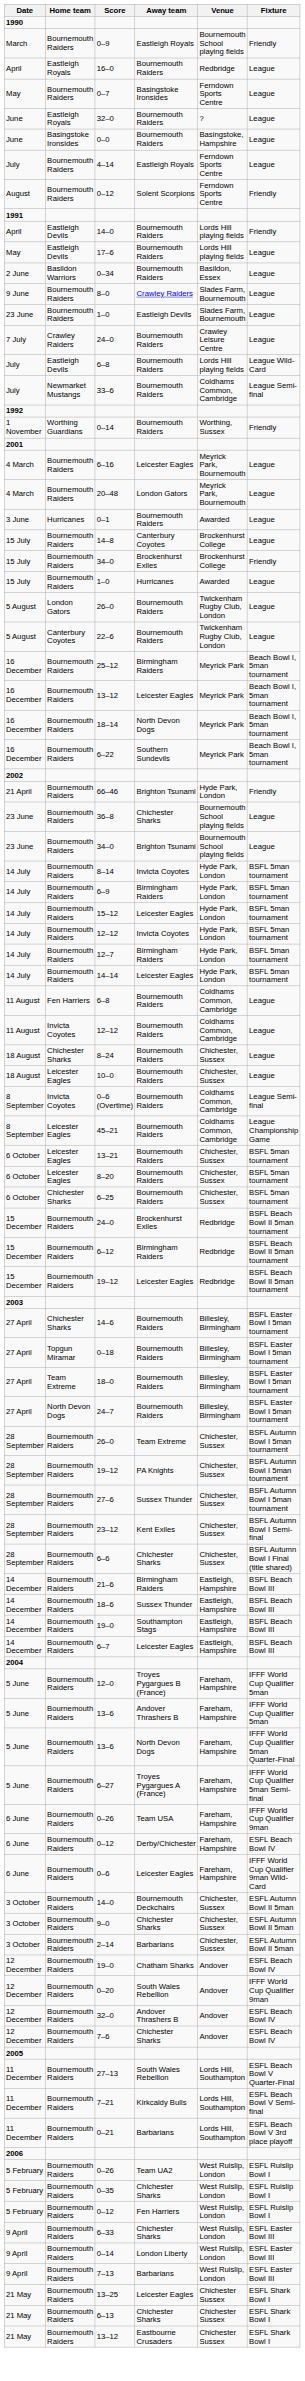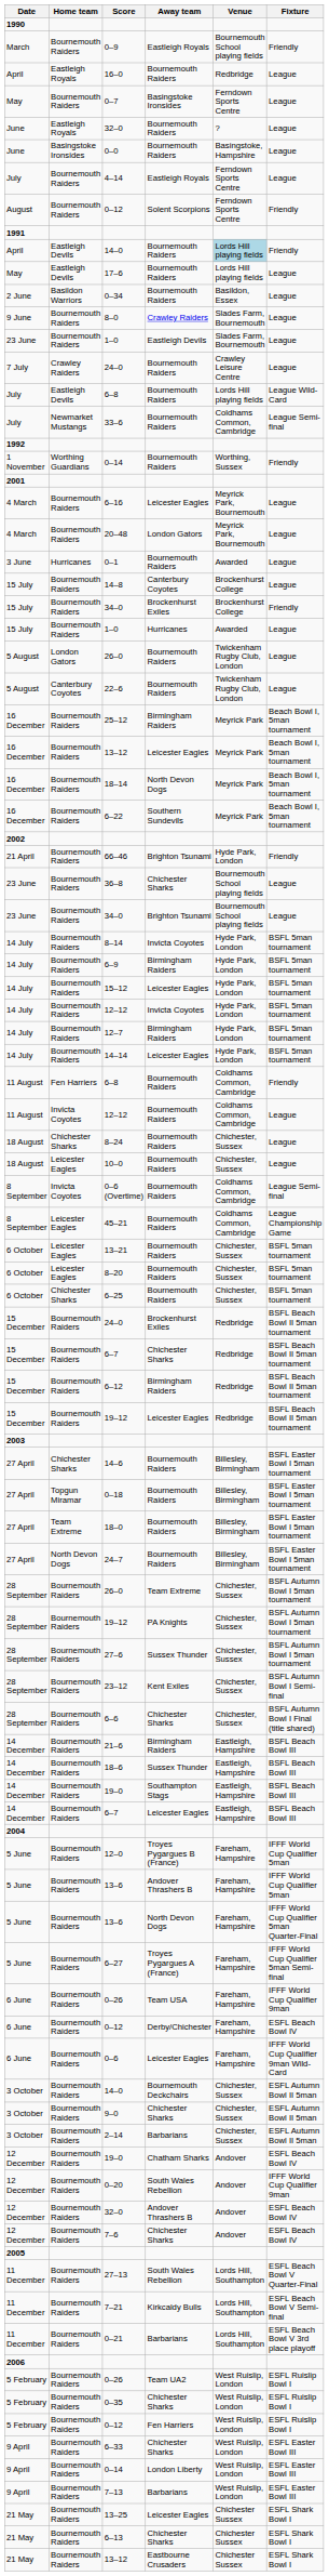 <table class="wikitable" border="1">
 <tr>
 <th>Date</th>
 <th>Home team</th>
 <th>Score</th>
 <th>Away team</th>
 <th>Venue</th>
 <th>Fixture</th>
 </tr>
 <tr>
 <td><strong>1990</strong></td>
 <td></td>
 <td></td>
 <td></td>
 <td></td>
 </tr>
 <tr>
 <td>March</td>
 <td>Bournemouth Raiders</td>
 <td>0–9</td>
 <td>Eastleigh Royals</td>
 <td>Bournemouth School playing fields</td>
 <td>Friendly</td>
 </tr>
 <tr>
 <td>April</td>
 <td>Eastleigh Royals</td>
 <td>16–0</td>
 <td>Bournemouth Raiders</td>
 <td>Redbridge</td>
 <td>League</td>
 </tr>
 <tr>
 <td>May</td>
 <td>Bournemouth Raiders</td>
 <td>0–7</td>
 <td>Basingstoke Ironsides</td>
 <td>Ferndown Sports Centre</td>
 <td>League</td>
 </tr>
 <tr>
 <td>June</td>
 <td>Eastleigh Royals</td>
 <td>32–0</td>
 <td>Bournemouth Raiders</td>
 <td>?</td>
 <td>League</td>
 </tr>
 <tr>
 <td>June</td>
 <td>Basingstoke Ironsides</td>
 <td>0–0</td>
 <td>Bournemouth Raiders</td>
 <td>Basingstoke, Hampshire</td>
 <td>League</td>
 </tr>
 <tr>
 <td>July</td>
 <td>Bournemouth Raiders</td>
 <td>4–14</td>
 <td>Eastleigh Royals</td>
 <td>Ferndown Sports Centre</td>
 <td>League</td>
 </tr>
 <tr>
 <td>August</td>
 <td>Bournemouth Raiders</td>
 <td>0–12</td>
 <td>Solent Scorpions</td>
 <td>Ferndown Sports Centre</td>
 <td>Friendly</td>
 </tr>
 <tr>
 <td><strong>1991</strong></td>
 <td></td>
 <td></td>
 <td></td>
 <td></td>
 </tr>
 <tr>
 <td>April</td>
 <td>Eastleigh Devils</td>
 <td>14–0</td>
 <td>Bournemouth Raiders</td>
-<td>Lords Hill playing fields</td>
+<td style="background: lightblue;">Lords Hill playing fields</td>
 <td>Friendly</td>
 </tr>
 <tr>
 <td>May</td>
 <td>Eastleigh Devils</td>
 <td>17–6</td>
 <td>Bournemouth Raiders</td>
 <td>Lords Hill playing fields</td>
 <td>League</td>
 </tr>
 <tr>
 <td>2 June</td>
 <td>Basildon Warriors</td>
 <td>0–34</td>
 <td>Bournemouth Raiders</td>
 <td>Basildon, Essex</td>
 <td>League</td>
 </tr>
 <tr>
 <td>9 June</td>
 <td>Bournemouth Raiders</td>
 <td>8–0</td>
 <td><a href='#'>Crawley Raiders</a></td>
 <td>Slades Farm, Bournemouth</td>
 <td>League</td>
 </tr>
 <tr>
 <td>23 June</td>
 <td>Bournemouth Raiders</td>
 <td>1–0</td>
 <td>Eastleigh Devils</td>
 <td>Slades Farm, Bournemouth</td>
 <td>League</td>
 </tr>
 <tr>
 <td>7 July</td>
 <td>Crawley Raiders</td>
 <td>24–0</td>
 <td>Bournemouth Raiders</td>
 <td>Crawley Leisure Centre</td>
 <td>League</td>
 </tr>
 <tr>
 <td>July</td>
 <td>Eastleigh Devils</td>
 <td>6–8</td>
 <td>Bournemouth Raiders</td>
 <td>Lords Hill playing fields</td>
 <td>League Wild-Card</td>
 </tr>
 <tr>
 <td>July</td>
 <td>Newmarket Mustangs</td>
 <td>33–6</td>
 <td>Bournemouth Raiders</td>
 <td>Coldhams Common, Cambridge</td>
 <td>League Semi-final</td>
 </tr>
 <tr>
 <td><strong>1992</strong></td>
 <td></td>
 <td></td>
 <td></td>
 <td></td>
 </tr>
 <tr>
 <td>1 November</td>
 <td>Worthing Guardians</td>
 <td>0–14</td>
 <td>Bournemouth Raiders</td>
 <td>Worthing, Sussex</td>
 <td>Friendly</td>
 </tr>
 <tr>
 <td><strong>2001</strong></td>
 <td></td>
 <td></td>
 <td></td>
 <td></td>
 </tr>
 <tr>
 <td>4 March</td>
 <td>Bournemouth Raiders</td>
 <td>6–16</td>
 <td>Leicester Eagles</td>
 <td>Meyrick Park, Bournemouth</td>
 <td>League</td>
 </tr>
 <tr>
 <td>4 March</td>
 <td>Bournemouth Raiders</td>
 <td>20–48</td>
 <td>London Gators</td>
 <td>Meyrick Park, Bournemouth</td>
 <td>League</td>
 </tr>
 <tr>
 <td>3 June</td>
 <td>Hurricanes</td>
 <td>0–1</td>
 <td>Bournemouth Raiders</td>
 <td>Awarded</td>
 <td>League</td>
 </tr>
 <tr>
 <td>15 July</td>
 <td>Bournemouth Raiders</td>
 <td>14–8</td>
 <td>Canterbury Coyotes</td>
 <td>Brockenhurst College</td>
 <td>League</td>
 </tr>
 <tr>
 <td>15 July</td>
 <td>Bournemouth Raiders</td>
 <td>34–0</td>
 <td>Brockenhurst Exiles</td>
 <td>Brockenhurst College</td>
 <td>Friendly</td>
 </tr>
 <tr>
 <td>15 July</td>
 <td>Bournemouth Raiders</td>
 <td>1–0</td>
 <td>Hurricanes</td>
 <td>Awarded</td>
 <td>League</td>
 </tr>
 <tr>
 <td>5 August</td>
 <td>London Gators</td>
 <td>26–0</td>
 <td>Bournemouth Raiders</td>
 <td>Twickenham Rugby Club, London</td>
 <td>League</td>
 </tr>
 <tr>
 <td>5 August</td>
 <td>Canterbury Coyotes</td>
 <td>22–6</td>
 <td>Bournemouth Raiders</td>
 <td>Twickenham Rugby Club, London</td>
 <td>League</td>
 </tr>
 <tr>
 <td>16 December</td>
 <td>Bournemouth Raiders</td>
 <td>25–12</td>
 <td>Birmingham Raiders</td>
 <td>Meyrick Park</td>
 <td>Beach Bowl I, 5man tournament</td>
 </tr>
 <tr>
 <td>16 December</td>
 <td>Bournemouth Raiders</td>
 <td>13–12</td>
 <td>Leicester Eagles</td>
 <td>Meyrick Park</td>
 <td>Beach Bowl I, 5man tournament</td>
 </tr>
 <tr>
 <td>16 December</td>
 <td>Bournemouth Raiders</td>
 <td>18–14</td>
 <td>North Devon Dogs</td>
 <td>Meyrick Park</td>
 <td>Beach Bowl I, 5man tournament</td>
 </tr>
 <tr>
 <td>16 December</td>
 <td>Bournemouth Raiders</td>
 <td>6–22</td>
 <td>Southern Sundevils</td>
 <td>Meyrick Park</td>
 <td>Beach Bowl I, 5man tournament</td>
 </tr>
 <tr>
 <td><strong>2002</strong></td>
 <td></td>
 <td></td>
 <td></td>
 <td></td>
 </tr>
 <tr>
 <td>21 April</td>
 <td>Bournemouth Raiders</td>
 <td>66–46</td>
 <td>Brighton Tsunami</td>
 <td>Hyde Park, London</td>
 <td>Friendly</td>
 </tr>
 <tr>
 <td>23 June</td>
 <td>Bournemouth Raiders</td>
 <td>36–8</td>
 <td>Chichester Sharks</td>
 <td>Bournemouth School playing fields</td>
 <td>League</td>
 </tr>
 <tr>
 <td>23 June</td>
 <td>Bournemouth Raiders</td>
 <td>34–0</td>
 <td>Brighton Tsunami</td>
 <td>Bournemouth School playing fields</td>
 <td>League</td>
 </tr>
 <tr>
 <td>14 July</td>
 <td>Bournemouth Raiders</td>
 <td>8–14</td>
 <td>Invicta Coyotes</td>
 <td>Hyde Park, London</td>
 <td>BSFL 5man tournament</td>
 </tr>
 <tr>
 <td>14 July</td>
 <td>Bournemouth Raiders</td>
 <td>6–9</td>
 <td>Birmingham Raiders</td>
 <td>Hyde Park, London</td>
 <td>BSFL 5man tournament</td>
 </tr>
 <tr>
 <td>14 July</td>
 <td>Bournemouth Raiders</td>
 <td>15–12</td>
 <td>Leicester Eagles</td>
 <td>Hyde Park, London</td>
 <td>BSFL 5man tournament</td>
 </tr>
 <tr>
 <td>14 July</td>
 <td>Bournemouth Raiders</td>
 <td>12–12</td>
 <td>Invicta Coyotes</td>
 <td>Hyde Park, London</td>
 <td>BSFL 5man tournament</td>
 </tr>
 <tr>
 <td>14 July</td>
 <td>Bournemouth Raiders</td>
 <td>12–7</td>
 <td>Birmingham Raiders</td>
 <td>Hyde Park, London</td>
 <td>BSFL 5man tournament</td>
 </tr>
 <tr>
 <td>14 July</td>
 <td>Bournemouth Raiders</td>
 <td>14–14</td>
 <td>Leicester Eagles</td>
 <td>Hyde Park, London</td>
 <td>BSFL 5man tournament</td>
 </tr>
 <tr>
 <td>11 August</td>
 <td>Fen Harriers</td>
 <td>6–8</td>
 <td>Bournemouth Raiders</td>
 <td>Coldhams Common, Cambridge</td>
-<td>League</td>
+<td>Friendly</td>
 </tr>
 <tr>
 <td>11 August</td>
 <td>Invicta Coyotes</td>
 <td>12–12</td>
 <td>Bournemouth Raiders</td>
 <td>Coldhams Common, Cambridge</td>
 <td>League</td>
 </tr>
 <tr>
 <td>18 August</td>
 <td>Chichester Sharks</td>
 <td>8–24</td>
 <td>Bournemouth Raiders</td>
 <td>Chichester, Sussex</td>
 <td>League</td>
 </tr>
 <tr>
 <td>18 August</td>
 <td>Leicester Eagles</td>
 <td>10–0</td>
 <td>Bournemouth Raiders</td>
 <td>Chichester, Sussex</td>
 <td>League</td>
 </tr>
 <tr>
 <td>8 September</td>
 <td>Invicta Coyotes</td>
 <td>0–6 (Overtime)</td>
 <td>Bournemouth Raiders</td>
 <td>Coldhams Common, Cambridge</td>
 <td>League Semi-final</td>
 </tr>
 <tr>
 <td>8 September</td>
 <td>Leicester Eagles</td>
 <td>45–21</td>
 <td>Bournemouth Raiders</td>
 <td>Coldhams Common, Cambridge</td>
 <td>League Championship Game</td>
 </tr>
 <tr>
 <td>6 October</td>
 <td>Leicester Eagles</td>
 <td>13–21</td>
 <td>Bournemouth Raiders</td>
 <td>Chichester, Sussex</td>
 <td>BSFL 5man tournament</td>
 </tr>
 <tr>
 <td>6 October</td>
 <td>Leicester Eagles</td>
 <td>8–20</td>
 <td>Bournemouth Raiders</td>
 <td>Chichester, Sussex</td>
 <td>BSFL 5man tournament</td>
 </tr>
 <tr>
 <td>6 October</td>
 <td>Chichester Sharks</td>
 <td>6–25</td>
 <td>Bournemouth Raiders</td>
 <td>Chichester, Sussex</td>
 <td>BSFL 5man tournament</td>
 </tr>
 <tr>
 <td>15 December</td>
 <td>Bournemouth Raiders</td>
 <td>24–0</td>
 <td>Brockenhurst Exiles</td>
+<td>Redbridge</td>
+<td>BSFL Beach Bowl II 5man tournament</td>
+</tr>
+<tr>
+<td>15 December</td>
+<td>Bournemouth Raiders</td>
+<td>6–7</td>
+<td>Chichester Sharks</td>
 <td>Redbridge</td>
 <td>BSFL Beach Bowl II 5man tournament</td>
 </tr>
 <tr>
 <td>15 December</td>
 <td>Bournemouth Raiders</td>
 <td>6–12</td>
 <td>Birmingham Raiders</td>
 <td>Redbridge</td>
 <td>BSFL Beach Bowl II 5man tournament</td>
 </tr>
 <tr>
 <td>15 December</td>
 <td>Bournemouth Raiders</td>
 <td>19–12</td>
 <td>Leicester Eagles</td>
 <td>Redbridge</td>
 <td>BSFL Beach Bowl II 5man tournament</td>
 </tr>
 <tr>
 <td><strong>2003</strong></td>
 <td></td>
 <td></td>
 <td></td>
 <td></td>
 </tr>
 <tr>
 <td>27 April</td>
 <td>Chichester Sharks</td>
 <td>14–6</td>
 <td>Bournemouth Raiders</td>
 <td>Billesley, Birmingham</td>
 <td>BSFL Easter Bowl I 5man tournament</td>
 </tr>
 <tr>
 <td>27 April</td>
 <td>Topgun Miramar</td>
 <td>0–18</td>
 <td>Bournemouth Raiders</td>
 <td>Billesley, Birmingham</td>
 <td>BSFL Easter Bowl I 5man tournament</td>
 </tr>
 <tr>
 <td>27 April</td>
 <td>Team Extreme</td>
 <td>18–0</td>
 <td>Bournemouth Raiders</td>
 <td>Billesley, Birmingham</td>
 <td>BSFL Easter Bowl I 5man tournament</td>
 </tr>
 <tr>
 <td>27 April</td>
 <td>North Devon Dogs</td>
 <td>24–7</td>
 <td>Bournemouth Raiders</td>
 <td>Billesley, Birmingham</td>
 <td>BSFL Easter Bowl I 5man tournament</td>
 </tr>
 <tr>
 <td>28 September</td>
 <td>Bournemouth Raiders</td>
 <td>26–0</td>
 <td>Team Extreme</td>
 <td>Chichester, Sussex</td>
 <td>BSFL Autumn Bowl I 5man tournament</td>
 </tr>
 <tr>
 <td>28 September</td>
 <td>Bournemouth Raiders</td>
 <td>19–12</td>
 <td>PA Knights</td>
 <td>Chichester, Sussex</td>
 <td>BSFL Autumn Bowl I 5man tournament</td>
 </tr>
 <tr>
 <td>28 September</td>
 <td>Bournemouth Raiders</td>
 <td>27–6</td>
 <td>Sussex Thunder</td>
 <td>Chichester, Sussex</td>
 <td>BSFL Autumn Bowl I 5man tournament</td>
 </tr>
 <tr>
 <td>28 September</td>
 <td>Bournemouth Raiders</td>
 <td>23–12</td>
 <td>Kent Exiles</td>
 <td>Chichester, Sussex</td>
 <td>BSFL Autumn Bowl I Semi-final</td>
 </tr>
 <tr>
 <td>28 September</td>
 <td>Bournemouth Raiders</td>
 <td>6–6</td>
 <td>Chichester Sharks</td>
 <td>Chichester, Sussex</td>
 <td>BSFL Autumn Bowl I Final (title shared)</td>
 </tr>
 <tr>
 <td>14 December</td>
 <td>Bournemouth Raiders</td>
 <td>21–6</td>
 <td>Birmingham Raiders</td>
 <td>Eastleigh, Hampshire</td>
 <td>BSFL Beach Bowl III</td>
 </tr>
 <tr>
 <td>14 December</td>
 <td>Bournemouth Raiders</td>
 <td>18–6</td>
 <td>Sussex Thunder</td>
 <td>Eastleigh, Hampshire</td>
 <td>BSFL Beach Bowl III</td>
 </tr>
 <tr>
 <td>14 December</td>
 <td>Bournemouth Raiders</td>
 <td>19–0</td>
 <td>Southampton Stags</td>
 <td>Eastleigh, Hampshire</td>
 <td>BSFL Beach Bowl III</td>
 </tr>
 <tr>
 <td>14 December</td>
 <td>Bournemouth Raiders</td>
 <td>6–7</td>
 <td>Leicester Eagles</td>
 <td>Eastleigh, Hampshire</td>
 <td>BSFL Beach Bowl III</td>
 </tr>
 <tr>
 <td><strong>2004</strong></td>
 <td></td>
 <td></td>
 <td></td>
 <td></td>
 </tr>
 <tr>
 <td>5 June</td>
 <td>Bournemouth Raiders</td>
 <td>12–0</td>
 <td>Troyes Pygargues B (France)</td>
 <td>Fareham, Hampshire</td>
 <td>IFFF World Cup Qualifier 5man</td>
 </tr>
 <tr>
 <td>5 June</td>
 <td>Bournemouth Raiders</td>
 <td>13–6</td>
 <td>Andover Thrashers B</td>
 <td>Fareham, Hampshire</td>
 <td>IFFF World Cup Qualifier 5man</td>
 </tr>
 <tr>
 <td>5 June</td>
 <td>Bournemouth Raiders</td>
 <td>13–6</td>
 <td>North Devon Dogs</td>
 <td>Fareham, Hampshire</td>
 <td>IFFF World Cup Qualifier 5man Quarter-Final</td>
 </tr>
 <tr>
 <td>5 June</td>
 <td>Bournemouth Raiders</td>
 <td>6–27</td>
 <td>Troyes Pygargues A (France)</td>
 <td>Fareham, Hampshire</td>
 <td>IFFF World Cup Qualifier 5man Semi-final</td>
 </tr>
 <tr>
 <td>6 June</td>
 <td>Bournemouth Raiders</td>
 <td>0–26</td>
 <td>Team USA</td>
 <td>Fareham, Hampshire</td>
 <td>IFFF World Cup Qualifier 9man</td>
 </tr>
 <tr>
 <td>6 June</td>
 <td>Bournemouth Raiders</td>
 <td>0–12</td>
 <td>Derby/Chichester</td>
 <td>Fareham, Hampshire</td>
 <td>ESFL Beach Bowl IV</td>
 </tr>
 <tr>
 <td>6 June</td>
 <td>Bournemouth Raiders</td>
 <td>0–6</td>
 <td>Leicester Eagles</td>
 <td>Fareham, Hampshire</td>
 <td>IFFF World Cup Qualifier 9man Wild-Card</td>
 </tr>
 <tr>
 <td>3 October</td>
 <td>Bournemouth Raiders</td>
 <td>14–0</td>
 <td>Bournemouth Deckchairs</td>
 <td>Chichester, Sussex</td>
 <td>ESFL Autumn Bowl II 5man</td>
 </tr>
 <tr>
 <td>3 October</td>
 <td>Bournemouth Raiders</td>
 <td>9–0</td>
 <td>Chichester Sharks</td>
 <td>Chichester, Sussex</td>
 <td>ESFL Autumn Bowl II 5man</td>
 </tr>
 <tr>
 <td>3 October</td>
 <td>Bournemouth Raiders</td>
 <td>2–14</td>
 <td>Barbarians</td>
 <td>Chichester, Sussex</td>
 <td>ESFL Autumn Bowl II 5man</td>
 </tr>
 <tr>
 <td>12 December</td>
 <td>Bournemouth Raiders</td>
 <td>19–0</td>
 <td>Chatham Sharks</td>
 <td>Andover</td>
 <td>ESFL Beach Bowl IV</td>
 </tr>
 <tr>
 <td>12 December</td>
 <td>Bournemouth Raiders</td>
 <td>0–20</td>
 <td>South Wales Rebellion</td>
 <td>Andover</td>
 <td>IFFF World Cup Qualifier 9man</td>
 </tr>
 <tr>
 <td>12 December</td>
 <td>Bournemouth Raiders</td>
 <td>32–0</td>
 <td>Andover Thrashers B</td>
 <td>Andover</td>
 <td>ESFL Beach Bowl IV</td>
 </tr>
 <tr>
 <td>12 December</td>
 <td>Bournemouth Raiders</td>
 <td>7–6</td>
 <td>Chichester Sharks</td>
 <td>Andover</td>
 <td>ESFL Beach Bowl IV</td>
 </tr>
 <tr>
 <td><strong>2005</strong></td>
 <td></td>
 <td></td>
 <td></td>
 <td></td>
 </tr>
 <tr>
 <td>11 December</td>
 <td>Bournemouth Raiders</td>
 <td>27–13</td>
 <td>South Wales Rebellion</td>
 <td>Lords Hill, Southampton</td>
 <td>ESFL Beach Bowl V Quarter-Final</td>
 </tr>
 <tr>
 <td>11 December</td>
 <td>Bournemouth Raiders</td>
 <td>7–21</td>
 <td>Kirkcaldy Bulls</td>
 <td>Lords Hill, Southampton</td>
 <td>ESFL Beach Bowl V Semi-final</td>
 </tr>
 <tr>
 <td>11 December</td>
 <td>Bournemouth Raiders</td>
 <td>0–21</td>
 <td>Barbarians</td>
 <td>Lords Hill, Southampton</td>
 <td>ESFL Beach Bowl V 3rd place playoff</td>
 </tr>
 <tr>
 <td><strong>2006</strong></td>
 <td></td>
 <td></td>
 <td></td>
 <td></td>
 </tr>
 <tr>
 <td>5 February</td>
 <td>Bournemouth Raiders</td>
 <td>0–26</td>
 <td>Team UA2</td>
 <td>West Ruislip, London</td>
 <td>ESFL Ruislip Bowl I</td>
 </tr>
 <tr>
 <td>5 February</td>
 <td>Bournemouth Raiders</td>
 <td>0–35</td>
 <td>Chichester Sharks</td>
 <td>West Ruislip, London</td>
 <td>ESFL Ruislip Bowl I</td>
 </tr>
 <tr>
 <td>5 February</td>
 <td>Bournemouth Raiders</td>
 <td>0–12</td>
 <td>Fen Harriers</td>
 <td>West Ruislip, London</td>
 <td>ESFL Ruislip Bowl I</td>
 </tr>
 <tr>
 <td>9 April</td>
 <td>Bournemouth Raiders</td>
 <td>6–33</td>
 <td>Chichester Sharks</td>
 <td>West Ruislip, London</td>
 <td>ESFL Easter Bowl III</td>
 </tr>
 <tr>
 <td>9 April</td>
 <td>Bournemouth Raiders</td>
 <td>0–14</td>
 <td>London Liberty</td>
 <td>West Ruislip, London</td>
 <td>ESFL Easter Bowl III</td>
 </tr>
 <tr>
 <td>9 April</td>
 <td>Bournemouth Raiders</td>
 <td>7–13</td>
 <td>Barbarians</td>
 <td>West Ruislip, London</td>
 <td>ESFL Easter Bowl III</td>
 </tr>
 <tr>
 <td>21 May</td>
 <td>Bournemouth Raiders</td>
 <td>13–25</td>
 <td>Leicester Eagles</td>
 <td>Chichester Sussex</td>
 <td>ESFL Shark Bowl I</td>
 </tr>
 <tr>
 <td>21 May</td>
 <td>Bournemouth Raiders</td>
 <td>6–13</td>
 <td>Chichester Sharks</td>
 <td>Chichester Sussex</td>
 <td>ESFL Shark Bowl I</td>
 </tr>
 <tr>
 <td>21 May</td>
 <td>Bournemouth Raiders</td>
 <td>13–12</td>
 <td>Eastbourne Crusaders</td>
 <td>Chichester Sussex</td>
 <td>ESFL Shark Bowl I</td>
 </tr>
 </table>
